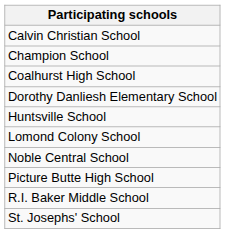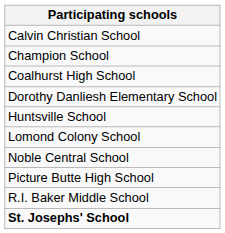 <table class="wikitable" align=right>
 <tr>
 <th>Participating schools</th>
 </tr>
 <tr>
 <td>Calvin Christian School</td>
 </tr>
 <tr>
 <td>Champion School</td>
 </tr>
 <tr>
 <td>Coalhurst High School</td>
 </tr>
 <tr>
 <td>Dorothy Danliesh Elementary School</td>
 </tr>
 <tr>
 <td>Huntsville School</td>
 </tr>
 <tr>
 <td>Lomond Colony School</td>
 </tr>
 <tr>
 <td>Noble Central School</td>
 </tr>
 <tr>
 <td>Picture Butte High School</td>
 </tr>
 <tr>
 <td>R.I. Baker Middle School</td>
 </tr>
 <tr>
-<td>St. Josephs' School</td>
+<td><strong>St. Josephs' School</strong></td>
 </tr>
 </table>
